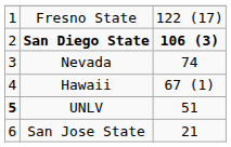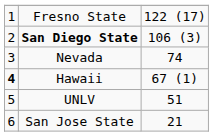 <table class="wikitable" style="display: inline-table;">
 <tr align="center">
 </tr>
 <tr align="center">
 <td>1</td>
 <td>Fresno State</td>
 <td>122 (17)</td>
 </tr>
 <tr align="center">
 <td>2</td>
 <td><strong>San Diego State</strong></td>
-<td><strong>106 (3)</strong></td>
+<td>106 (3)</td>
 </tr>
 <tr align="center">
 <td>3</td>
 <td>Nevada</td>
 <td>74</td>
 </tr>
 <tr align="center">
-<td>4</td>
+<td><strong>4</strong></td>
 <td>Hawaii</td>
 <td>67 (1)</td>
 </tr>
 <tr align="center">
-<td><strong>5</strong></td>
+<td>5</td>
 <td>UNLV</td>
 <td>51</td>
 </tr>
 <tr align="center">
 <td>6</td>
 <td>San Jose State</td>
 <td>21</td>
 </tr>
 </table>
